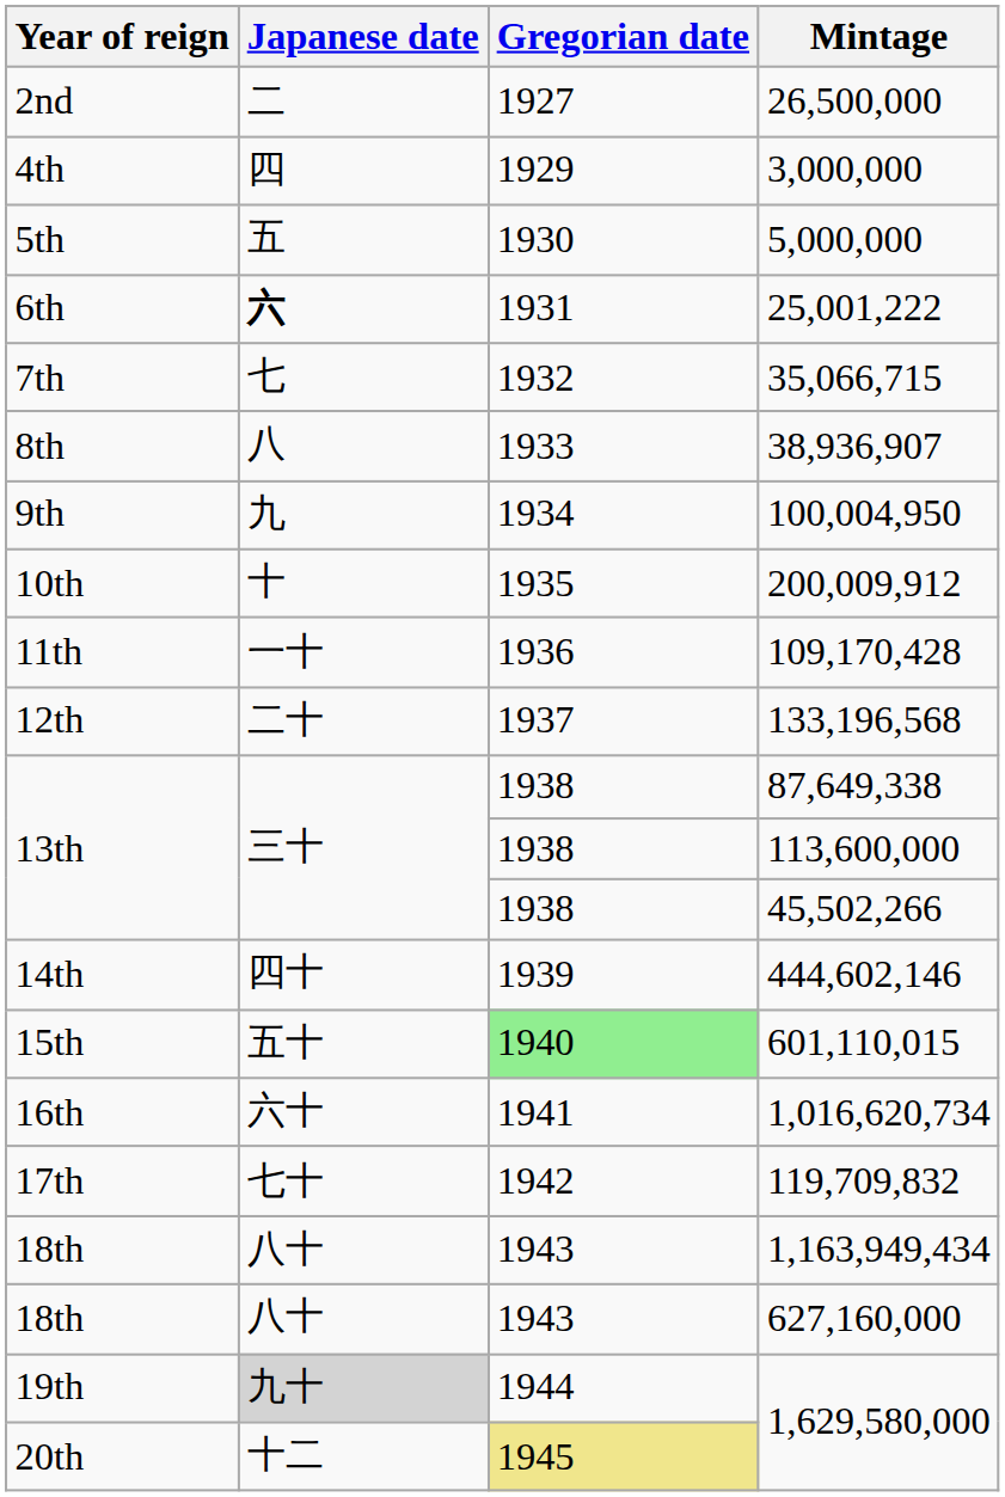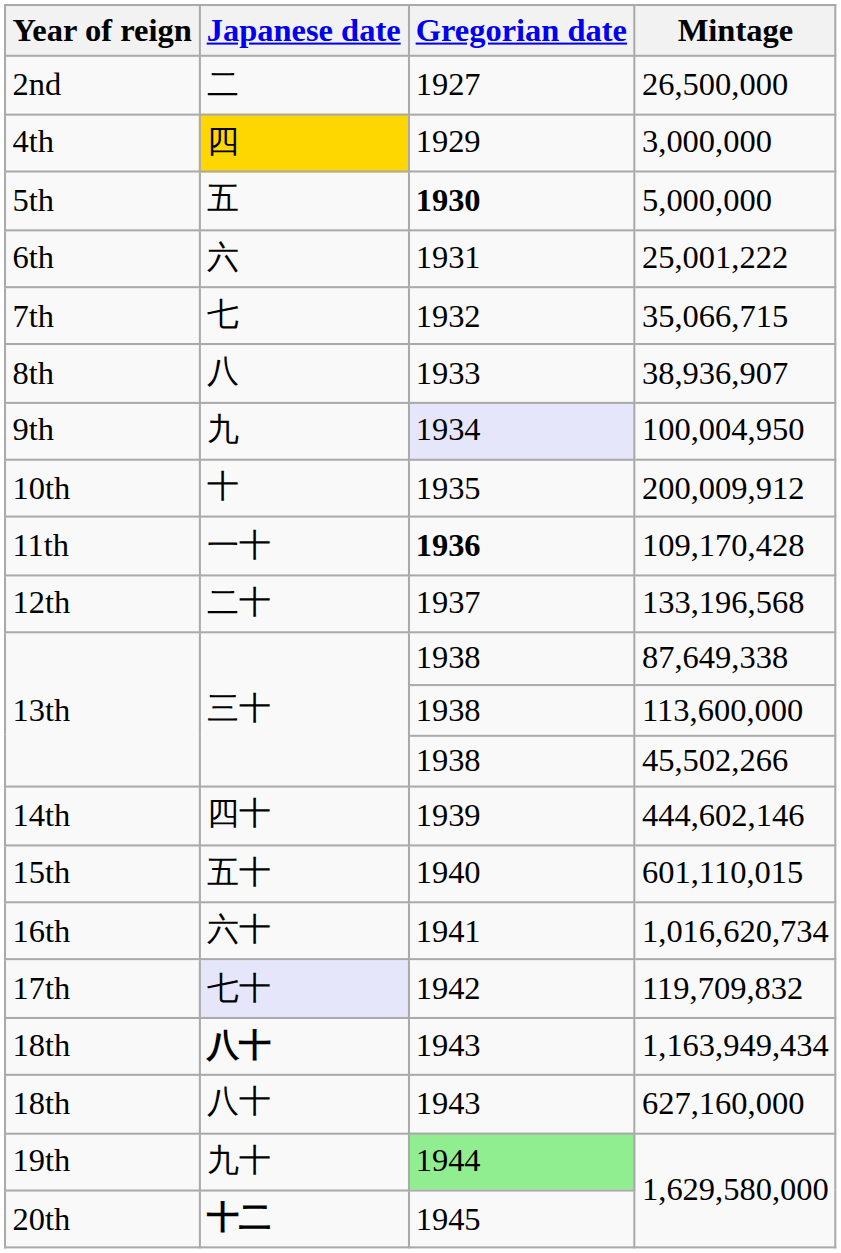 <table class="wikitable sortable">
 <tr>
 <th>Year of reign</th>
 <th class="unsortable"><a href='#'>Japanese date</a></th>
 <th><a href='#'>Gregorian date</a></th>
 <th>Mintage</th>
 </tr>
 <tr>
 <td>2nd</td>
 <td>二</td>
 <td>1927</td>
 <td>26,500,000</td>
 </tr>
 <tr>
 <td>4th</td>
-<td>四</td>
+<td style="background: gold;">四</td>
 <td>1929</td>
 <td>3,000,000</td>
 </tr>
 <tr>
 <td>5th</td>
 <td>五</td>
-<td>1930</td>
+<td><strong>1930</strong></td>
 <td>5,000,000</td>
 </tr>
 <tr>
 <td>6th</td>
-<td><strong>六</strong></td>
+<td>六</td>
 <td>1931</td>
 <td>25,001,222</td>
 </tr>
 <tr>
 <td>7th</td>
 <td>七</td>
 <td>1932</td>
 <td>35,066,715</td>
 </tr>
 <tr>
 <td>8th</td>
 <td>八</td>
 <td>1933</td>
 <td>38,936,907</td>
 </tr>
 <tr>
 <td>9th</td>
 <td>九</td>
-<td>1934</td>
+<td style="background: lavender;">1934</td>
 <td>100,004,950</td>
 </tr>
 <tr>
 <td>10th</td>
 <td>十</td>
 <td>1935</td>
 <td>200,009,912</td>
 </tr>
 <tr>
 <td>11th</td>
 <td>一十</td>
-<td>1936</td>
+<td><strong>1936</strong></td>
 <td>109,170,428</td>
 </tr>
 <tr>
 <td>12th</td>
 <td>二十</td>
 <td>1937</td>
 <td>133,196,568</td>
 </tr>
 <tr>
 <td rowspan=3>13th</td>
 <td rowspan=3>三十</td>
 <td>1938 </td>
 <td>87,649,338</td>
 </tr>
 <tr>
 <td>1938 </td>
 <td>113,600,000</td>
 </tr>
 <tr>
 <td>1938 </td>
 <td>45,502,266</td>
 </tr>
 <tr>
 <td>14th</td>
 <td>四十</td>
 <td>1939</td>
 <td>444,602,146</td>
 </tr>
 <tr>
 <td>15th</td>
 <td>五十</td>
-<td style="background: lightgreen;">1940</td>
+<td>1940</td>
 <td>601,110,015</td>
 </tr>
 <tr>
 <td>16th</td>
 <td>六十</td>
 <td>1941</td>
 <td>1,016,620,734</td>
 </tr>
 <tr>
 <td>17th</td>
-<td>七十</td>
+<td style="background: lavender;">七十</td>
 <td>1942</td>
 <td>119,709,832</td>
 </tr>
 <tr>
 <td>18th</td>
-<td>八十</td>
+<td><strong>八十</strong></td>
 <td>1943</td>
 <td>1,163,949,434</td>
 </tr>
 <tr>
 <td>18th</td>
 <td>八十</td>
 <td>1943 </td>
 <td>627,160,000</td>
 </tr>
 <tr>
 <td>19th</td>
-<td style="background: lightgrey;">九十</td>
-<td>1944</td>
+<td>九十</td>
+<td style="background: lightgreen;">1944</td>
 <td rowspan=2>1,629,580,000</td>
 </tr>
 <tr>
 <td>20th</td>
-<td>十二</td>
-<td style="background: khaki;">1945</td>
+<td><strong>十二</strong></td>
+<td>1945</td>
 </tr>
 </table>
